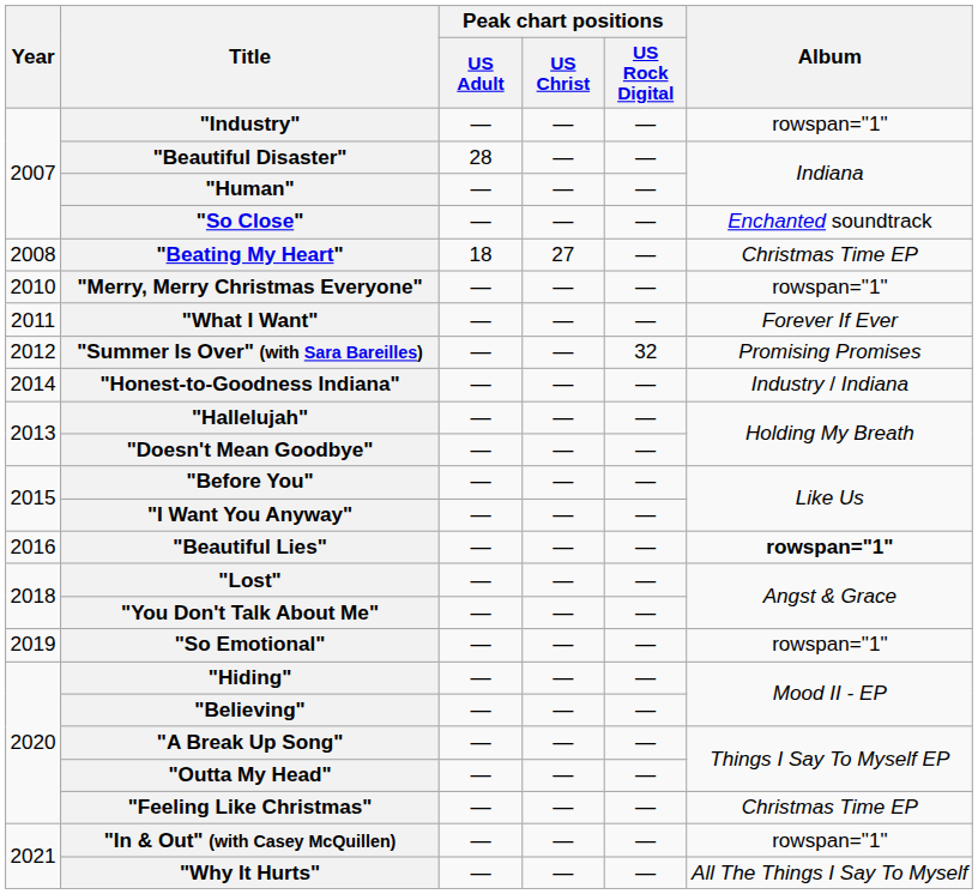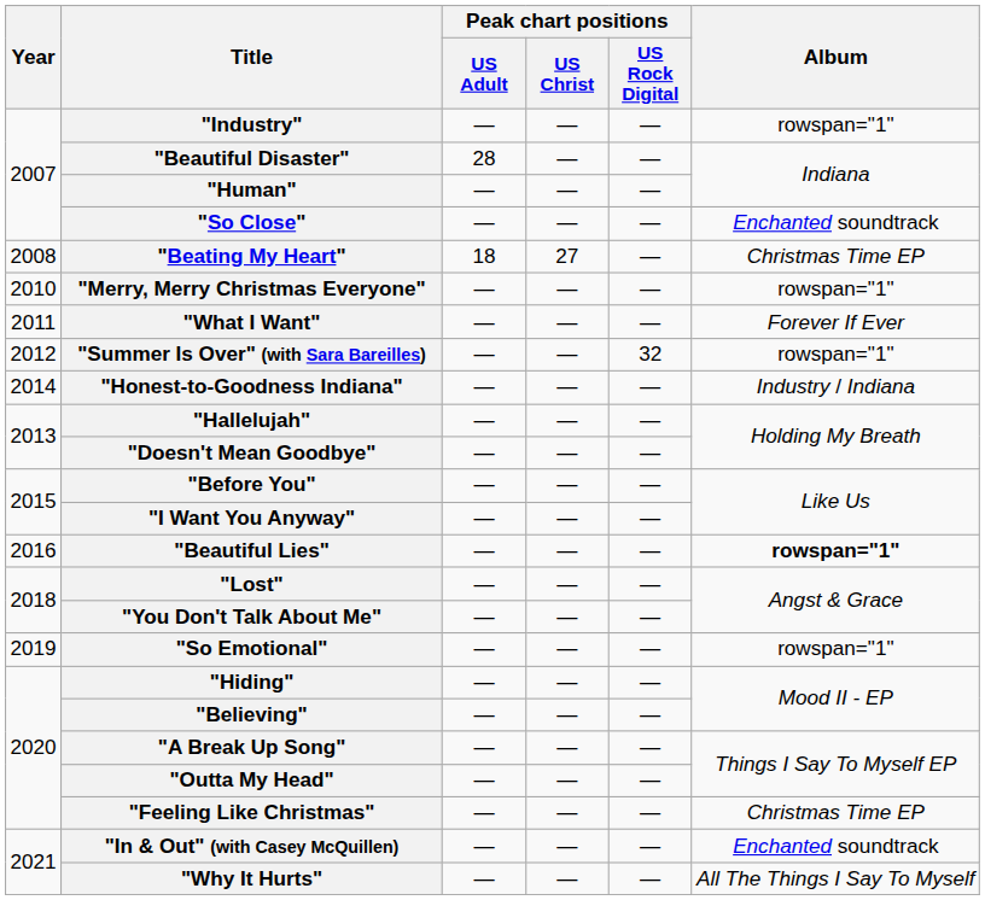 <table class="wikitable plainrowheaders" style=text-align:center;>
 <tr>
 <th scope="col" rowspan="2">Year</th>
 <th scope="col" rowspan="2" style="width:18em;">Title</th>
 <th scope="col" colspan="3">Peak chart positions</th>
 <th scope="col" rowspan="2">Album</th>
 </tr>
 <tr>
 <th style="width:4em;font-size:90%;"><a href='#'>US Adult</a></th>
 <th style="width:4em;font-size:90%;"><a href='#'>US Christ</a></th>
 <th style="width:4em;font-size:90%;"><a href='#'>US Rock Digital</a></th>
 </tr>
 <tr>
 <td rowspan="4">2007</td>
 <th scope="row">"Industry"</th>
 <td>—</td>
 <td>—</td>
 <td>—</td>
 <td>rowspan="1" </td>
 </tr>
 <tr>
 <th scope="row">"Beautiful Disaster"</th>
 <td>28</td>
 <td>—</td>
 <td>—</td>
 <td rowspan="2"><em>Indiana</em></td>
 </tr>
 <tr>
 <th scope="row">"Human"</th>
 <td>—</td>
 <td>—</td>
 <td>—</td>
 </tr>
 <tr>
 <th scope="row">"<a href='#'>So Close</a>"</th>
 <td>—</td>
 <td>—</td>
 <td>—</td>
 <td rowspan="1"><em><a href='#'>Enchanted</a></em> soundtrack</td>
 </tr>
 <tr>
 <td>2008</td>
 <th scope="row">"<a href='#'>Beating My Heart</a>"</th>
 <td>18</td>
 <td>27</td>
 <td>—</td>
 <td rowspan="1"><em>Christmas Time EP</em></td>
 </tr>
 <tr>
 <td>2010</td>
 <th scope="row">"Merry, Merry Christmas Everyone"</th>
 <td>—</td>
 <td>—</td>
 <td>—</td>
 <td>rowspan="1" </td>
 </tr>
 <tr>
 <td>2011</td>
 <th scope="row">"What I Want"</th>
 <td>—</td>
 <td>—</td>
 <td>—</td>
 <td rowspan="1"><em>Forever If Ever</em></td>
 </tr>
 <tr>
 <td>2012</td>
 <th scope="row">"Summer Is Over" <small>(with <a href='#'>Sara Bareilles</a>)</small></th>
 <td>—</td>
 <td>—</td>
 <td>32</td>
-<td rowspan="1"><em>Promising Promises</em></td>
+<td>rowspan="1" </td>
 </tr>
 <tr>
 <td>2014</td>
 <th scope="row">"Honest-to-Goodness Indiana"</th>
 <td>—</td>
 <td>—</td>
 <td>—</td>
 <td rowspan="1"><em>Industry</em> / <em>Indiana</em></td>
 </tr>
 <tr>
 <td rowspan="2">2013</td>
 <th scope="row">"Hallelujah"</th>
 <td>—</td>
 <td>—</td>
 <td>—</td>
 <td rowspan="2"><em>Holding My Breath</em></td>
 </tr>
 <tr>
 <th scope="row">"Doesn't Mean Goodbye"</th>
 <td>—</td>
 <td>—</td>
 <td>—</td>
 </tr>
 <tr>
 <td rowspan="2">2015</td>
 <th scope="row">"Before You"</th>
 <td>—</td>
 <td>—</td>
 <td>—</td>
 <td rowspan="2"><em>Like Us</em></td>
 </tr>
 <tr>
 <th scope="row">"I Want You Anyway"</th>
 <td>—</td>
 <td>—</td>
 <td>—</td>
 </tr>
 <tr>
 <td>2016</td>
 <th scope="row">"Beautiful Lies"</th>
 <td>—</td>
 <td>—</td>
 <td>—</td>
 <td><strong>rowspan="1" </strong></td>
 </tr>
 <tr>
 <td rowspan="2">2018</td>
 <th scope="row">"Lost"</th>
 <td>—</td>
 <td>—</td>
 <td>—</td>
 <td rowspan="2"><em>Angst & Grace</em></td>
 </tr>
 <tr>
 <th scope="row">"You Don't Talk About Me"</th>
 <td>—</td>
 <td>—</td>
 <td>—</td>
 </tr>
 <tr>
 <td>2019</td>
 <th scope="row">"So Emotional"</th>
 <td>—</td>
 <td>—</td>
 <td>—</td>
 <td>rowspan="1" </td>
 </tr>
 <tr>
 <td rowspan="5">2020</td>
 <th scope="row">"Hiding"</th>
 <td>—</td>
 <td>—</td>
 <td>—</td>
 <td rowspan="2"><em>Mood II - EP</em></td>
 </tr>
 <tr>
 <th scope="row">"Believing"</th>
 <td>—</td>
 <td>—</td>
 <td>—</td>
 </tr>
 <tr>
 <th scope="row">"A Break Up Song"</th>
 <td>—</td>
 <td>—</td>
 <td>—</td>
 <td rowspan="2"><em>Things I Say To Myself EP</em></td>
 </tr>
 <tr>
 <th scope="row">"Outta My Head"</th>
 <td>—</td>
 <td>—</td>
 <td>—</td>
 </tr>
 <tr>
 <th scope="row">"Feeling Like Christmas"</th>
 <td>—</td>
 <td>—</td>
 <td>—</td>
 <td rowspan="1"><em>Christmas Time EP</em></td>
 </tr>
 <tr>
 <td rowspan="2">2021</td>
 <th scope="row">"In & Out" <small>(with Casey McQuillen)</small></th>
 <td>—</td>
 <td>—</td>
 <td>—</td>
-<td>rowspan="1" </td>
+<td rowspan="1"><em><a href='#'>Enchanted</a></em> soundtrack</td>
 </tr>
 <tr>
 <th scope="row">"Why It Hurts"</th>
 <td>—</td>
 <td>—</td>
 <td>—</td>
 <td rowspan="1"><em>All The Things I Say To Myself</em></td>
 </tr>
 <tr>
 </tr>
 </table>
